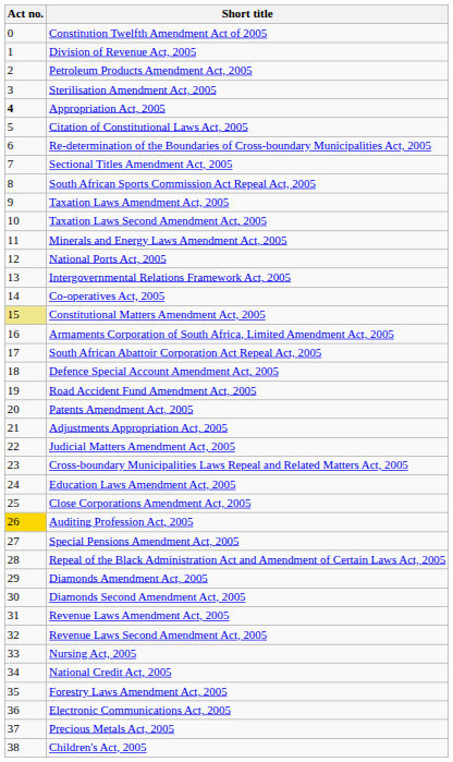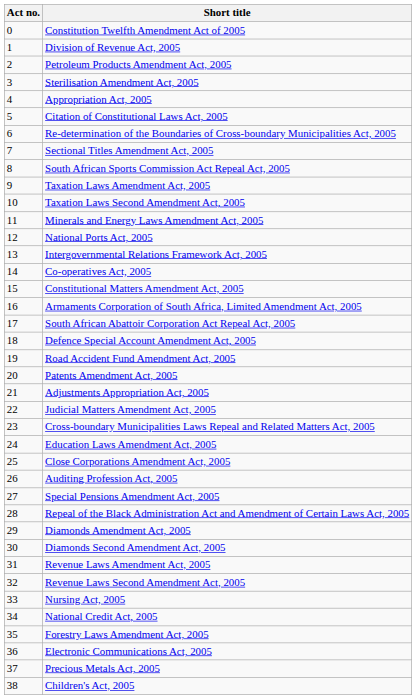 <table class="wikitable sortable">
 <tr>
 <th>Act no.</th>
 <th>Short title</th>
 </tr>
 <tr>
 <td><span>0</span></td>
 <td><a href='#'>Constitution Twelfth Amendment Act of 2005</a></td>
 </tr>
 <tr>
 <td>1</td>
 <td><a href='#'>Division of Revenue Act, 2005</a></td>
 </tr>
 <tr>
 <td>2</td>
 <td><a href='#'>Petroleum Products Amendment Act, 2005</a></td>
 </tr>
 <tr>
 <td>3</td>
 <td><a href='#'>Sterilisation Amendment Act, 2005</a></td>
 </tr>
 <tr>
-<td><strong>4</strong></td>
+<td>4</td>
 <td><a href='#'>Appropriation Act, 2005</a></td>
 </tr>
 <tr>
 <td>5</td>
 <td><a href='#'>Citation of Constitutional Laws Act, 2005</a></td>
 </tr>
 <tr>
 <td>6</td>
 <td><a href='#'>Re-determination of the Boundaries of Cross-boundary Municipalities Act, 2005</a></td>
 </tr>
 <tr>
 <td>7</td>
 <td><a href='#'>Sectional Titles Amendment Act, 2005</a></td>
 </tr>
 <tr>
 <td>8</td>
 <td><a href='#'>South African Sports Commission Act Repeal Act, 2005</a></td>
 </tr>
 <tr>
 <td>9</td>
 <td><a href='#'>Taxation Laws Amendment Act, 2005</a></td>
 </tr>
 <tr>
 <td>10</td>
 <td><a href='#'>Taxation Laws Second Amendment Act, 2005</a></td>
 </tr>
 <tr>
 <td>11</td>
 <td><a href='#'>Minerals and Energy Laws Amendment Act, 2005</a></td>
 </tr>
 <tr>
 <td>12</td>
 <td><a href='#'>National Ports Act, 2005</a></td>
 </tr>
 <tr>
 <td>13</td>
 <td><a href='#'>Intergovernmental Relations Framework Act, 2005</a></td>
 </tr>
 <tr>
 <td>14</td>
 <td><a href='#'>Co-operatives Act, 2005</a></td>
 </tr>
 <tr>
-<td style="background: khaki;">15</td>
+<td>15</td>
 <td><a href='#'>Constitutional Matters Amendment Act, 2005</a></td>
 </tr>
 <tr>
 <td>16</td>
 <td><a href='#'>Armaments Corporation of South Africa, Limited Amendment Act, 2005</a></td>
 </tr>
 <tr>
 <td>17</td>
 <td><a href='#'>South African Abattoir Corporation Act Repeal Act, 2005</a></td>
 </tr>
 <tr>
 <td>18</td>
 <td><a href='#'>Defence Special Account Amendment Act, 2005</a></td>
 </tr>
 <tr>
 <td>19</td>
 <td><a href='#'>Road Accident Fund Amendment Act, 2005</a></td>
 </tr>
 <tr>
 <td>20</td>
 <td><a href='#'>Patents Amendment Act, 2005</a></td>
 </tr>
 <tr>
 <td>21</td>
 <td><a href='#'>Adjustments Appropriation Act, 2005</a></td>
 </tr>
 <tr>
 <td>22</td>
 <td><a href='#'>Judicial Matters Amendment Act, 2005</a></td>
 </tr>
 <tr>
 <td>23</td>
 <td><a href='#'>Cross-boundary Municipalities Laws Repeal and Related Matters Act, 2005</a></td>
 </tr>
 <tr>
 <td>24</td>
 <td><a href='#'>Education Laws Amendment Act, 2005</a></td>
 </tr>
 <tr>
 <td>25</td>
 <td><a href='#'>Close Corporations Amendment Act, 2005</a></td>
 </tr>
 <tr>
-<td style="background: gold;">26</td>
+<td>26</td>
 <td><a href='#'>Auditing Profession Act, 2005</a></td>
 </tr>
 <tr>
 <td>27</td>
 <td><a href='#'>Special Pensions Amendment Act, 2005</a></td>
 </tr>
 <tr>
 <td>28</td>
 <td><a href='#'>Repeal of the Black Administration Act and Amendment of Certain Laws Act, 2005</a></td>
 </tr>
 <tr>
 <td>29</td>
 <td><a href='#'>Diamonds Amendment Act, 2005</a></td>
 </tr>
 <tr>
 <td>30</td>
 <td><a href='#'>Diamonds Second Amendment Act, 2005</a></td>
 </tr>
 <tr>
 <td>31</td>
 <td><a href='#'>Revenue Laws Amendment Act, 2005</a></td>
 </tr>
 <tr>
 <td>32</td>
 <td><a href='#'>Revenue Laws Second Amendment Act, 2005</a></td>
 </tr>
 <tr>
 <td>33</td>
 <td><a href='#'>Nursing Act, 2005</a></td>
 </tr>
 <tr>
 <td>34</td>
 <td><a href='#'>National Credit Act, 2005</a></td>
 </tr>
 <tr>
 <td>35</td>
 <td><a href='#'>Forestry Laws Amendment Act, 2005</a></td>
 </tr>
 <tr>
 <td>36</td>
 <td><a href='#'>Electronic Communications Act, 2005</a></td>
 </tr>
 <tr>
 <td>37</td>
 <td><a href='#'>Precious Metals Act, 2005</a></td>
 </tr>
 <tr>
 <td>38</td>
 <td><a href='#'>Children's Act, 2005</a></td>
 </tr>
 </table>
